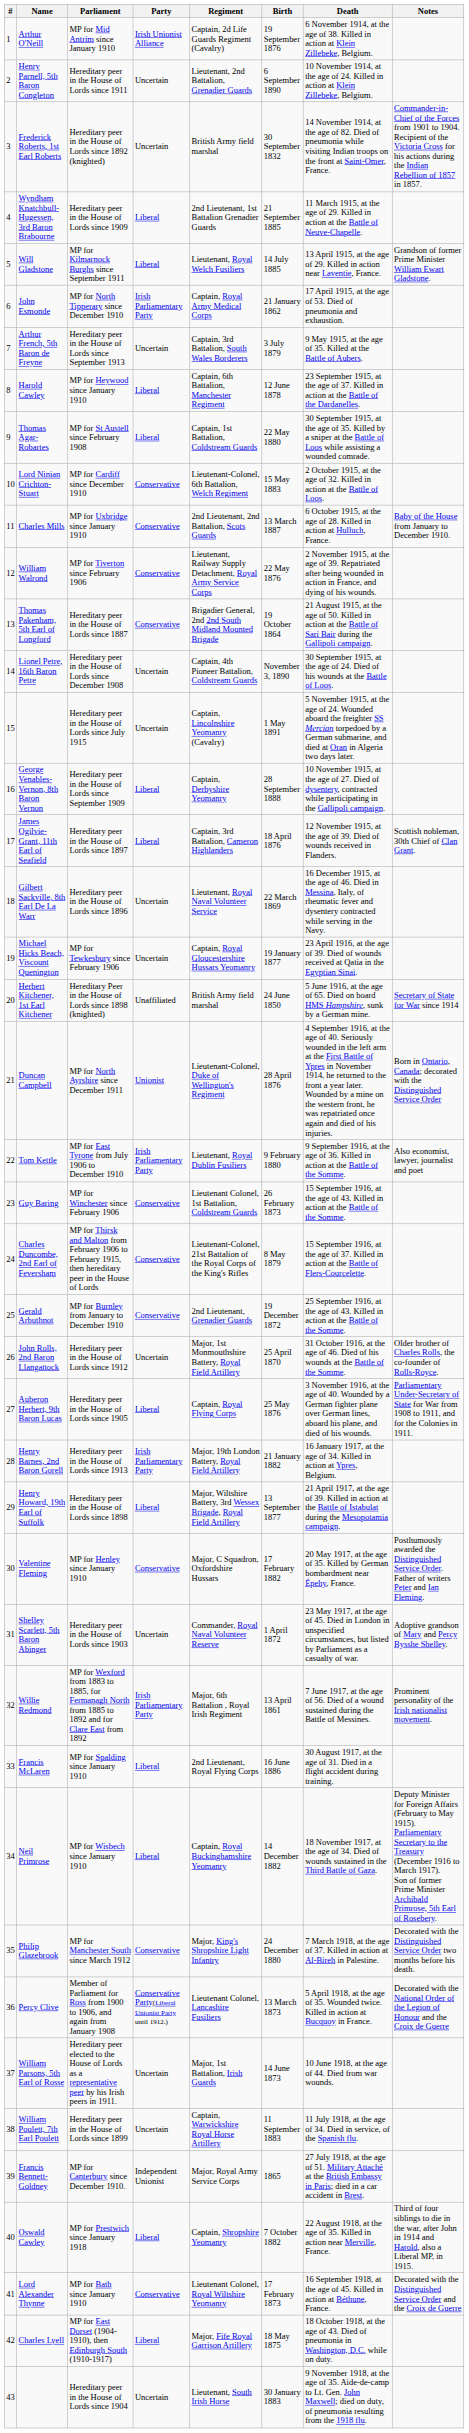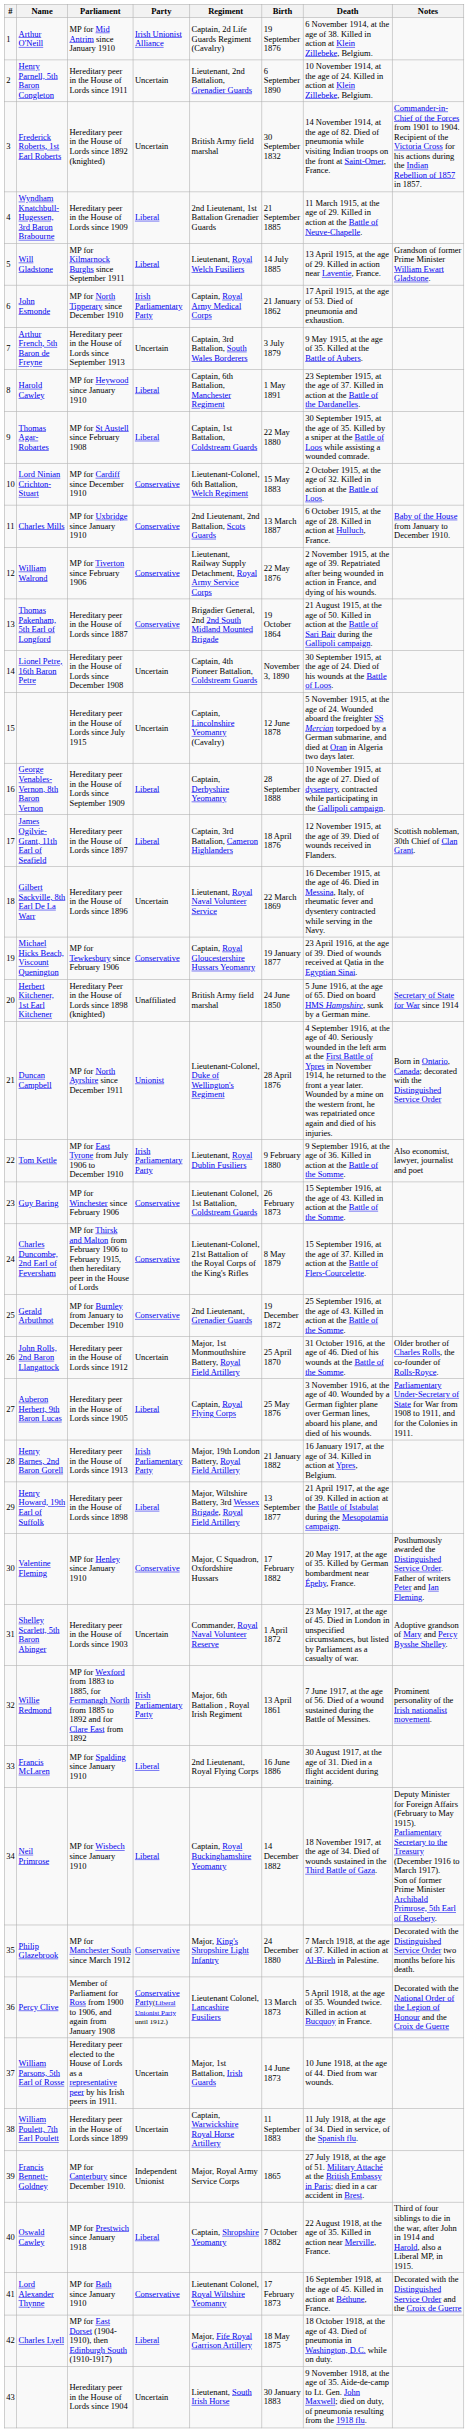 <table class="wikitable">
 <tr>
 <th>#</th>
 <th>Name</th>
 <th>Parliament</th>
 <th>Party</th>
 <th>Regiment</th>
 <th>Birth</th>
 <th>Death</th>
 <th>Notes</th>
 </tr>
 <tr>
 <td>1</td>
 <td><a href='#'>Arthur O'Neill</a></td>
 <td>MP for <a href='#'>Mid Antrim</a> since January 1910</td>
 <td><a href='#'>Irish Unionist Alliance</a></td>
 <td>Captain, <abbr>2d</abbr> Life Guards Regiment (Cavalry)</td>
 <td>19 September 1876</td>
 <td>6 November 1914, at the age of 38. Killed in action at <a href='#'>Klein Zillebeke</a>, Belgium.</td>
 <td></td>
 </tr>
 <tr>
 <td>2</td>
 <td><a href='#'>Henry Parnell, 5th Baron Congleton</a></td>
 <td>Hereditary peer in the House of Lords since 1911</td>
 <td>Uncertain</td>
 <td>Lieutenant, <abbr>2nd Battalion,</abbr> <a href='#'>Grenadier Guards</a></td>
 <td>6 September 1890</td>
 <td>10 November 1914, at the age of 24. Killed in action at <a href='#'>Klein Zillebeke</a>, Belgium.</td>
 <td></td>
 </tr>
 <tr>
 <td>3</td>
 <td><a href='#'>Frederick Roberts, 1st Earl Roberts</a></td>
 <td>Hereditary peer in the House of Lords since 1892 (knighted)</td>
 <td>Uncertain</td>
 <td>British Army field marshal</td>
 <td>30 September 1832</td>
 <td>14 November 1914, at the age of 82. Died of pneumonia while visiting Indian troops on the front at <a href='#'>Saint-Omer</a>, France.</td>
 <td><a href='#'>Commander-in-Chief of the Forces</a> from 1901 to 1904. Recipient of the <a href='#'>Victoria Cross</a> for his actions during the <a href='#'>Indian Rebellion of 1857</a> in 1857.</td>
 </tr>
 <tr>
 <td>4</td>
 <td><a href='#'>Wyndham Knatchbull-Hugessen, 3rd Baron Brabourne</a></td>
 <td>Hereditary peer in the House of Lords since 1909</td>
 <td><a href='#'>Liberal</a></td>
 <td><abbr>2nd Lieutenant</abbr>, <abbr>1st Battalion</abbr> Grenadier Guards</td>
 <td>21 September 1885</td>
 <td>11 March 1915, at the age of 29. Killed in action at the <a href='#'>Battle of Neuve-Chapelle</a>.</td>
 <td></td>
 </tr>
 <tr>
 <td>5</td>
 <td><a href='#'>Will Gladstone</a></td>
 <td>MP for <a href='#'>Kilmarnock Burghs</a> since September 1911</td>
 <td><a href='#'>Liberal</a></td>
 <td>Lieutenant, <a href='#'>Royal Welch Fusiliers</a></td>
 <td>14 July 1885</td>
 <td>13 April 1915, at the age of 29. Killed in action near <a href='#'>Laventie</a>, France.</td>
 <td>Grandson of former Prime Minister <a href='#'>William Ewart Gladstone</a>.</td>
 </tr>
 <tr>
 <td>6</td>
 <td><a href='#'>John Esmonde</a></td>
 <td>MP for <a href='#'>North Tipperary</a> since December 1910</td>
 <td><a href='#'>Irish Parliamentary Party</a></td>
 <td>Captain, <a href='#'>Royal Army Medical Corps</a></td>
 <td>21 January 1862</td>
 <td>17 April 1915, at the age of 53. Died of pneumonia and exhaustion.</td>
 <td></td>
 </tr>
 <tr>
 <td>7</td>
 <td><a href='#'>Arthur French, 5th Baron de Freyne</a></td>
 <td>Hereditary peer in the House of Lords since September 1913</td>
 <td>Uncertain</td>
 <td>Captain, <abbr>3rd</abbr> Battalion, <a href='#'>South Wales Borderers</a></td>
 <td>3 July 1879</td>
 <td>9 May 1915, at the age of 35. Killed at the <a href='#'>Battle of Aubers</a>.</td>
 <td></td>
 </tr>
 <tr>
 <td>8</td>
 <td><a href='#'>Harold Cawley</a></td>
 <td>MP for <a href='#'>Heywood</a> since January 1910</td>
 <td><a href='#'>Liberal</a></td>
 <td>Captain, <abbr>6th Battalion,</abbr> <a href='#'>Manchester Regiment</a></td>
-<td>12 June 1878</td>
+<td><abbr>1 May</abbr> 1891</td>
 <td>23 September 1915, at the age of 37. Killed in action at the <a href='#'>Battle of the Dardanelles</a>.</td>
 <td></td>
 </tr>
 <tr>
 <td>9</td>
 <td><a href='#'>Thomas Agar-Robartes</a></td>
 <td>MP for <a href='#'>St Austell</a> since February 1908</td>
 <td><a href='#'>Liberal</a></td>
 <td>Captain, <abbr>1st</abbr> Battalion, <a href='#'>Coldstream Guards</a></td>
 <td>22 May 1880</td>
 <td>30 September 1915, at the age of 35. Killed by a sniper at the <a href='#'>Battle of Loos</a> while assisting a wounded comrade.</td>
 <td></td>
 </tr>
 <tr>
 <td>10</td>
 <td><a href='#'>Lord Ninian Crichton-Stuart</a></td>
 <td>MP for <a href='#'>Cardiff</a> since December 1910</td>
 <td><a href='#'>Conservative</a></td>
 <td>Lieutenant-Colonel, <abbr>6th Battalion</abbr>, <a href='#'>Welch Regiment</a></td>
 <td>15 May 1883</td>
 <td>2 October 1915, at the age of 32. Killed in action at the <a href='#'>Battle of Loos</a>.</td>
 <td></td>
 </tr>
 <tr>
 <td>11</td>
 <td><a href='#'>Charles Mills</a></td>
 <td>MP for <a href='#'>Uxbridge</a> since January 1910</td>
 <td><a href='#'>Conservative</a></td>
 <td><abbr>2nd Lieutenant</abbr>, <abbr>2nd</abbr> Battalion, <a href='#'>Scots Guards</a></td>
 <td>13 March 1887</td>
 <td>6 October 1915, at the age of 28. Killed in action at <a href='#'>Hulluch</a>, France.</td>
 <td><a href='#'>Baby of the House</a> from January to December 1910.</td>
 </tr>
 <tr>
 <td>12</td>
 <td><a href='#'>William Walrond</a></td>
 <td>MP for <a href='#'>Tiverton</a> since February 1906</td>
 <td><a href='#'>Conservative</a></td>
 <td>Lieutenant, Railway Supply Detachment, <a href='#'>Royal Army Service Corps</a></td>
 <td>22 May 1876</td>
 <td>2 November 1915, at the age of 39. Repatriated after being wounded in action in France, and dying of his wounds.</td>
 <td></td>
 </tr>
 <tr>
 <td>13</td>
 <td><a href='#'>Thomas Pakenham, 5th Earl of Longford</a></td>
 <td>Hereditary peer in the House of Lords since 1887</td>
 <td><a href='#'>Conservative</a></td>
 <td>Brigadier General, <abbr>2nd <a href='#'>2nd South Midland Mounted Brigade</a></abbr></td>
 <td>19 October 1864</td>
 <td>21 August 1915, at the age of 50. Killed in action at the <a href='#'>Battle of Sari Bair</a> during the <a href='#'>Gallipoli campaign</a>.</td>
 <td></td>
 </tr>
 <tr>
 <td>14</td>
 <td><a href='#'>Lionel Petre, 16th Baron Petre</a></td>
 <td>Hereditary peer in the House of Lords since December 1908</td>
 <td>Uncertain</td>
 <td>Captain, <abbr>4th</abbr> Pioneer Battalion, <a href='#'>Coldstream Guards</a></td>
 <td>November 3, 1890</td>
 <td>30 September 1915, at the age of 24. Died of his wounds at the <a href='#'>Battle of Loos</a>.</td>
 <td></td>
 </tr>
 <tr>
 <td>15</td>
 <td></td>
 <td>Hereditary peer in the House of Lords since July 1915</td>
 <td>Uncertain</td>
 <td>Captain, <a href='#'>Lincolnshire Yeomanry</a> (Cavalry)</td>
-<td><abbr>1 May</abbr> 1891</td>
+<td>12 June 1878</td>
 <td>5 November 1915, at the age of 24. Wounded aboard the freighter <a href='#'>SS <em>Mercian</em></a> torpedoed by a German submarine, and died at <a href='#'>Oran</a> in Algeria two days later.</td>
 <td></td>
 </tr>
 <tr>
 <td>16</td>
 <td><a href='#'>George Venables-Vernon, 8th Baron Vernon</a></td>
 <td>Hereditary peer in the House of Lords since September 1909</td>
 <td><a href='#'>Liberal</a></td>
 <td>Captain, <a href='#'>Derbyshire Yeomanry</a></td>
 <td>28 September 1888</td>
 <td>10 November 1915, at the age of 27. Died of <a href='#'>dysentery</a>, contracted while participating in the <a href='#'>Gallipoli campaign</a>.</td>
 <td></td>
 </tr>
 <tr>
 <td>17</td>
 <td><a href='#'>James Ogilvie-Grant, 11th Earl of Seafield</a></td>
 <td>Hereditary peer in the House of Lords since 1897</td>
 <td><a href='#'>Liberal</a></td>
 <td>Captain, <abbr>3rd Battalion</abbr>, <a href='#'>Cameron Highlanders</a></td>
 <td>18 April 1876</td>
 <td>12 November 1915, at the age of 39. Died of wounds received in Flanders.</td>
 <td>Scottish nobleman, <abbr>30th Chief</abbr> of <a href='#'>Clan Grant</a>.</td>
 </tr>
 <tr>
 <td>18</td>
 <td><a href='#'>Gilbert Sackville, 8th Earl De La Warr</a></td>
 <td>Hereditary peer in the House of Lords since 1896</td>
 <td>Uncertain</td>
 <td>Lieutenant, <a href='#'>Royal Naval Volunteer Service</a></td>
 <td>22 March 1869</td>
 <td>16 December 1915, at the age of 46. Died in <a href='#'>Messina</a>, Italy, of rheumatic fever and dysentery contracted while serving in the Navy.</td>
 <td></td>
 </tr>
 <tr>
 <td>19</td>
 <td><a href='#'>Michael Hicks Beach, Viscount Quenington</a></td>
 <td>MP for <a href='#'>Tewkesbury</a> since February 1906</td>
-<td>Uncertain</td>
+<td><a href='#'>Conservative</a></td>
 <td>Captain, <a href='#'>Royal Gloucestershire Hussars Yeomanry</a></td>
 <td>19 January 1877</td>
 <td>23 April 1916, at the age of 39. Died of wounds received at Qatia in the <a href='#'>Egyptian Sinai</a>.</td>
 <td></td>
 </tr>
 <tr>
 <td>20</td>
 <td><a href='#'>Herbert Kitchener, 1st Earl Kitchener</a></td>
 <td>Hereditary Peer in the House of Lords since 1898 (knighted)</td>
 <td>Unaffiliated</td>
 <td>British Army field marshal</td>
 <td>24 June 1850</td>
 <td>5 June 1916, at the age of 65. Died on board <a href='#'>HMS <em>Hampshire</em></a>, sunk by a German mine.</td>
 <td><a href='#'>Secretary of State for War</a> since 1914</td>
 </tr>
 <tr>
 <td>21</td>
 <td><a href='#'>Duncan Campbell</a></td>
 <td>MP for <a href='#'>North Ayrshire</a> since December 1911</td>
 <td><a href='#'>Unionist</a></td>
 <td>Lieutenant-Colonel, <a href='#'>Duke of Wellington's Regiment</a></td>
 <td>28 April 1876</td>
 <td>4 September 1916, at the age of 40. Seriously wounded in the left arm at the <a href='#'>First Battle of Ypres</a> in November 1914, he returned to the front a year later. Wounded by a mine on the western front, he was repatriated once again and died of his injuries.</td>
 <td>Born in <a href='#'>Ontario</a>, <a href='#'>Canada</a>; decorated with the <a href='#'>Distinguished Service Order</a></td>
 </tr>
 <tr>
 <td>22</td>
 <td><a href='#'>Tom Kettle</a></td>
 <td>MP for <a href='#'>East Tyrone</a> from July 1906 to December 1910</td>
 <td><a href='#'>Irish Parliamentary Party</a></td>
 <td>Lieutenant, <a href='#'>Royal Dublin Fusiliers</a></td>
 <td>9 February 1880</td>
 <td>9 September 1916, at the age of 36. Killed in action at the <a href='#'>Battle of the Somme</a>.</td>
 <td>Also economist, lawyer, journalist and poet</td>
 </tr>
 <tr>
 <td>23</td>
 <td><a href='#'>Guy Baring</a></td>
 <td>MP for <a href='#'>Winchester</a> since February 1906</td>
 <td><a href='#'>Conservative</a></td>
 <td>Lieutenant Colonel, <abbr>1st Battalion,</abbr> <a href='#'>Coldstream Guards</a></td>
 <td>26 February 1873</td>
 <td>15 September 1916, at the age of 43. Killed in action at the <a href='#'>Battle of the Somme</a>.</td>
 <td></td>
 </tr>
 <tr>
 <td>24</td>
 <td><a href='#'>Charles Duncombe, 2nd Earl of Feversham</a></td>
 <td>MP for <a href='#'>Thirsk and Malton</a> from February 1906 to February 1915, then hereditary peer in the House of Lords</td>
 <td><a href='#'>Conservative</a></td>
 <td>Lieutenant-Colonel, <abbr>21st Battalion</abbr> of the Royal Corps of the King's Rifles</td>
 <td>8 May 1879</td>
 <td>15 September 1916, at the age of 37. Killed in action at the <a href='#'>Battle of Flers-Courcelette</a>.</td>
 <td></td>
 </tr>
 <tr>
 <td>25</td>
 <td><a href='#'>Gerald Arbuthnot</a></td>
 <td>MP for <a href='#'>Burnley</a> from January to December 1910</td>
 <td><a href='#'>Conservative</a></td>
 <td><abbr>2nd Lieutenant</abbr>, <a href='#'>Grenadier Guards</a></td>
 <td>19 December 1872</td>
 <td>25 September 1916, at the age of 43. Killed in action at the <a href='#'>Battle of the Somme</a>.</td>
 <td></td>
 </tr>
 <tr>
 <td>26</td>
 <td><a href='#'>John Rolls, 2nd Baron Llangattock</a></td>
 <td>Hereditary peer in the House of Lords since 1912</td>
 <td>Uncertain</td>
 <td>Major, <abbr>1st</abbr> Monmouthshire Battery, <a href='#'>Royal Field Artillery</a></td>
 <td>25 April 1870</td>
 <td>31 October 1916, at the age of 46. Died of his wounds at the <a href='#'>Battle of the Somme</a>.</td>
 <td>Older brother of <a href='#'>Charles Rolls</a>, the co-founder of <a href='#'>Rolls-Royce</a>.</td>
 </tr>
 <tr>
 <td>27</td>
 <td><a href='#'>Auberon Herbert, 9th Baron Lucas</a></td>
 <td>Hereditary peer in the House of Lords since 1905</td>
 <td><a href='#'>Liberal</a></td>
 <td>Captain, <a href='#'>Royal Flying Corps</a></td>
 <td>25 May 1876</td>
 <td>3 November 1916, at the age of 40. Wounded by a German fighter plane over German lines, aboard his plane, and died of his wounds.</td>
 <td><a href='#'>Parliamentary Under-Secretary of State</a> for War from 1908 to 1911, and for the Colonies in 1911.</td>
 </tr>
 <tr>
 <td>28</td>
 <td><a href='#'>Henry Barnes, 2nd Baron Gorell</a></td>
 <td>Hereditary peer in the House of Lords since 1913</td>
 <td><a href='#'>Irish Parliamentary Party</a></td>
 <td>Major, <abbr>19th</abbr> London Battery,   <a href='#'>Royal Field Artillery</a></td>
 <td>21 January 1882</td>
 <td>16 January 1917, at the age of 34. Killed in action at <a href='#'>Ypres</a>, Belgium.</td>
 <td></td>
 </tr>
 <tr>
 <td>29</td>
 <td><a href='#'>Henry Howard, 19th Earl of Suffolk</a></td>
 <td>Hereditary peer in the House of Lords since 1898</td>
 <td><a href='#'>Liberal</a></td>
 <td>Major, Wiltshire Battery, <abbr>3rd</abbr> <a href='#'>Wessex Brigade</a>, <a href='#'>Royal Field Artillery</a></td>
 <td>13 September 1877</td>
 <td>21 April 1917, at the age of 39. Killed in action at the <a href='#'>Battle of Istabulat</a> during the <a href='#'>Mesopotamia campaign</a>.</td>
 <td></td>
 </tr>
 <tr>
 <td>30</td>
 <td><a href='#'>Valentine Fleming</a></td>
 <td>MP for <a href='#'>Henley</a> since January 1910</td>
 <td><a href='#'>Conservative</a></td>
 <td>Major, C Squadron, Oxfordshire Hussars</td>
 <td>17 February 1882</td>
 <td>20 May 1917, at the age of 35. Killed by German bombardment near <a href='#'>Épehy</a>, France.</td>
 <td>Posthumously awarded the <a href='#'>Distinguished Service Order</a>. Father of writers <a href='#'>Peter</a> and <a href='#'>Ian Fleming</a>.</td>
 </tr>
 <tr>
 <td>31</td>
 <td><a href='#'>Shelley Scarlett, 5th Baron Abinger</a></td>
 <td>Hereditary peer in the House of Lords since 1903</td>
 <td>Uncertain</td>
 <td>Commander, <a href='#'>Royal Naval Volunteer Reserve</a></td>
 <td>1 April 1872</td>
 <td>23 May 1917, at the age of 45. Died in London in unspecified circumstances, but listed by Parliament as a casualty of war.</td>
 <td>Adoptive grandson of <a href='#'>Mary</a> and <a href='#'>Percy Bysshe Shelley</a>.</td>
 </tr>
 <tr>
 <td>32</td>
 <td><a href='#'>Willie Redmond</a></td>
 <td>MP for <a href='#'>Wexford</a> from 1883 to 1885, for <a href='#'>Fermanagh North</a> from 1885 to 1892 and for <a href='#'>Clare East</a> from 1892</td>
 <td><a href='#'>Irish Parliamentary Party</a></td>
 <td>Major, <abbr>6th Battalion</abbr> , Royal Irish Regiment</td>
 <td>13 April 1861</td>
 <td>7 June 1917, at the age of 56. Died of a wound sustained during the Battle of Messines.</td>
 <td>Prominent personality of the <a href='#'>Irish nationalist movement</a>.</td>
 </tr>
 <tr>
 <td>33</td>
 <td><a href='#'>Francis McLaren</a></td>
 <td>MP for <a href='#'>Spalding</a> since January 1910</td>
 <td><a href='#'>Liberal</a></td>
 <td><abbr>2nd Lieutenant</abbr>, Royal Flying Corps</td>
 <td>16 June 1886</td>
 <td>30 August 1917, at the age of 31. Died in a flight accident during training.</td>
 <td></td>
 </tr>
 <tr>
 <td>34</td>
 <td><a href='#'>Neil Primrose</a></td>
 <td>MP for <a href='#'>Wisbech</a> since January 1910</td>
 <td><a href='#'>Liberal</a></td>
 <td>Captain, <a href='#'>Royal Buckinghamshire Yeomanry</a></td>
 <td>14 December 1882</td>
 <td>18 November 1917, at the age of 34. Died of wounds sustained in the <a href='#'>Third Battle of Gaza</a>.</td>
 <td>Deputy Minister for Foreign Affairs (February to May 1915). <a href='#'>Parliamentary Secretary to the Treasury</a> (December 1916 to March 1917).<br>Son of former Prime Minister <a href='#'>Archibald Primrose, 5th Earl of Rosebery</a>.</td>
 </tr>
 <tr>
 <td>35</td>
 <td><a href='#'>Philip Glazebrook</a></td>
 <td>MP for <a href='#'>Manchester South</a> since March 1912</td>
 <td><a href='#'>Conservative</a></td>
 <td>Major, <a href='#'>King's Shropshire Light Infantry</a></td>
 <td>24 December 1880</td>
 <td>7 March 1918, at the age of 37. Killed in action at <a href='#'>Al-Bireh</a> in Palestine.</td>
 <td>Decorated with the <a href='#'>Distinguished Service Order</a> two months before his death.</td>
 </tr>
 <tr>
 <td>36</td>
 <td><a href='#'>Percy Clive</a></td>
 <td>Member of Parliament for <a href='#'>Ross</a> from 1900 to 1906, and again from January 1908</td>
 <td><a href='#'>Conservative Party</a><small>(<a href='#'>Liberal Unionist Party</a> until 1912.)</small></td>
 <td>Lieutenant Colonel, <a href='#'>Lancashire Fusiliers</a></td>
 <td>13 March 1873</td>
 <td>5 April 1918, at the age of 35. Wounded twice. Killed in action at <a href='#'>Bucquoy</a> in France.</td>
 <td>Decorated with the <a href='#'>National Order of the Legion of Honour</a> and the <a href='#'>Croix de Guerre</a></td>
 </tr>
 <tr>
 <td>37</td>
 <td><a href='#'>William Parsons, 5th Earl of Rosse</a></td>
 <td>Hereditary peer elected to the House of Lords as a <a href='#'>representative peer</a> by his Irish peers in 1911.</td>
 <td>Uncertain</td>
 <td>Major, <abbr>1st Battalion</abbr>, <a href='#'>Irish Guards</a></td>
 <td>14 June 1873</td>
 <td>10 June 1918, at the age of 44. Died from war wounds.</td>
 <td></td>
 </tr>
 <tr>
 <td>38</td>
 <td><a href='#'>William Poulett, 7th Earl Poulett</a></td>
 <td>Hereditary peer in the House of Lords since 1899</td>
 <td>Uncertain</td>
 <td>Captain, <a href='#'>Warwickshire Royal Horse Artillery</a></td>
 <td>11 September 1883</td>
 <td>11 July 1918, at the age of 34. Died in service, of the <a href='#'>Spanish flu</a>.</td>
 <td></td>
 </tr>
 <tr>
 <td>39</td>
 <td><a href='#'>Francis Bennett-Goldney</a></td>
 <td>MP for <a href='#'>Canterbury</a> since December 1910.</td>
 <td>Independent Unionist</td>
 <td>Major, Royal Army Service Corps</td>
 <td>1865</td>
 <td>27 July 1918, at the age of 51. <a href='#'>Military Attaché</a> at the <a href='#'>British Embassy in Paris</a>; died in a car accident in <a href='#'>Brest</a>.</td>
 <td></td>
 </tr>
 <tr>
 <td>40</td>
 <td><a href='#'>Oswald Cawley</a></td>
 <td>MP for <a href='#'>Prestwich</a> since January 1918</td>
 <td><a href='#'>Liberal</a></td>
 <td>Captain, <a href='#'>Shropshire Yeomanry</a></td>
 <td>7 October 1882</td>
 <td>22 August 1918, at the age of 35. Killed in action near <a href='#'>Merville</a>, France.</td>
 <td>Third of four siblings to die in the war, after John in 1914 and <a href='#'>Harold</a>, also a Liberal MP, in 1915.</td>
 </tr>
 <tr>
 <td>41</td>
 <td><a href='#'>Lord Alexander Thynne</a></td>
 <td>MP for <a href='#'>Bath</a> since January 1910</td>
 <td><a href='#'>Conservative</a></td>
 <td>Lieutenant Colonel, <a href='#'>Royal Wiltshire Yeomanry</a></td>
 <td>17 February 1873</td>
 <td>16 September 1918, at the age of 45. Killed in action at <a href='#'>Béthune</a>, France.</td>
 <td>Decorated with the <a href='#'>Distinguished Service Order</a> and the <a href='#'>Croix de Guerre</a></td>
 </tr>
 <tr>
 <td>42</td>
 <td><a href='#'>Charles Lyell</a></td>
 <td>MP for <a href='#'>East Dorset</a> (1904-1910), then <a href='#'>Edinburgh South</a> (1910-1917)</td>
 <td><a href='#'>Liberal</a></td>
 <td>Major, <a href='#'>Fife Royal Garrison Artillery</a></td>
 <td>18 May 1875</td>
 <td>18 October 1918, at the age of 43. Died of pneumonia in <a href='#'>Washington, D.C.</a> while on duty.</td>
 <td></td>
 </tr>
 <tr>
 <td>43</td>
 <td></td>
 <td>Hereditary peer in the House of Lords since 1904</td>
 <td>Uncertain</td>
 <td>Lieutenant, <a href='#'>South Irish Horse</a></td>
 <td>30 January 1883</td>
 <td>9 November 1918, at the age of 35. Aide-de-camp to Lt. Gen. <a href='#'>John Maxwell</a>; died on duty, of pneumonia resulting from the <a href='#'>1918 flu</a>.</td>
 <td></td>
 </tr>
 </table>
